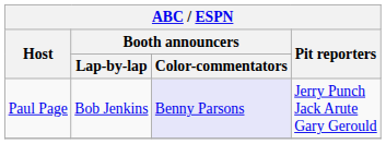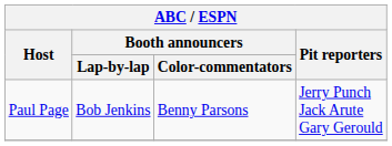 <table class="wikitable" style="font-size: 95%;">
 <tr>
 <th colspan=4><a href='#'>ABC</a> / <a href='#'>ESPN</a></th>
 </tr>
 <tr>
 <th rowspan=2>Host</th>
 <th colspan=2>Booth announcers</th>
 <th rowspan=2>Pit reporters</th>
 </tr>
 <tr>
 <th><strong>Lap-by-lap</strong></th>
 <th><strong>Color-commentators</strong></th>
 </tr>
 <tr>
 <td><a href='#'>Paul Page</a></td>
 <td><a href='#'>Bob Jenkins</a></td>
-<td style="background: lavender;"><a href='#'>Benny Parsons</a></td>
+<td><a href='#'>Benny Parsons</a></td>
 <td><a href='#'>Jerry Punch</a> <br> <a href='#'>Jack Arute</a> <br> <a href='#'>Gary Gerould</a></td>
 </tr>
 <tr>
 </tr>
 </table>
